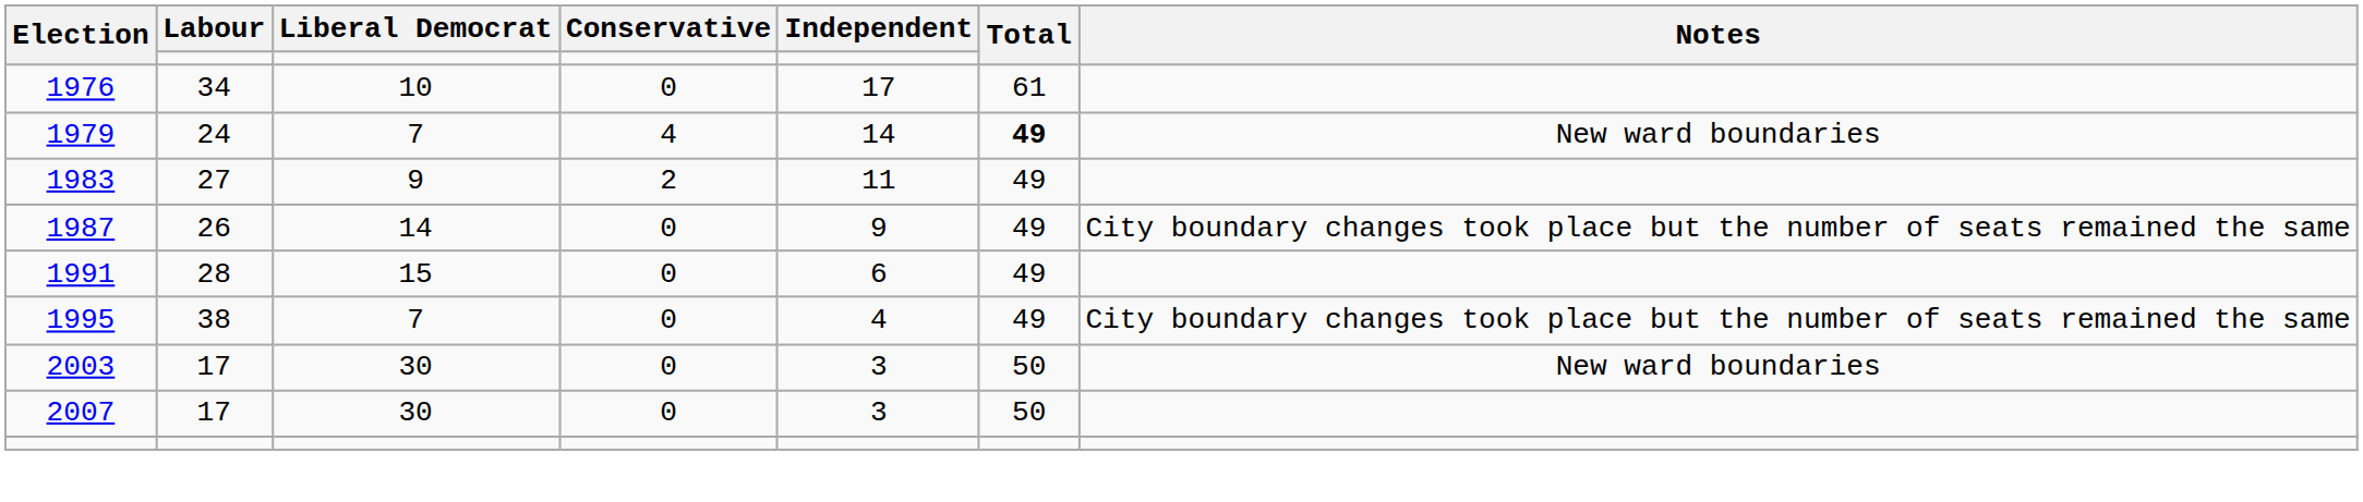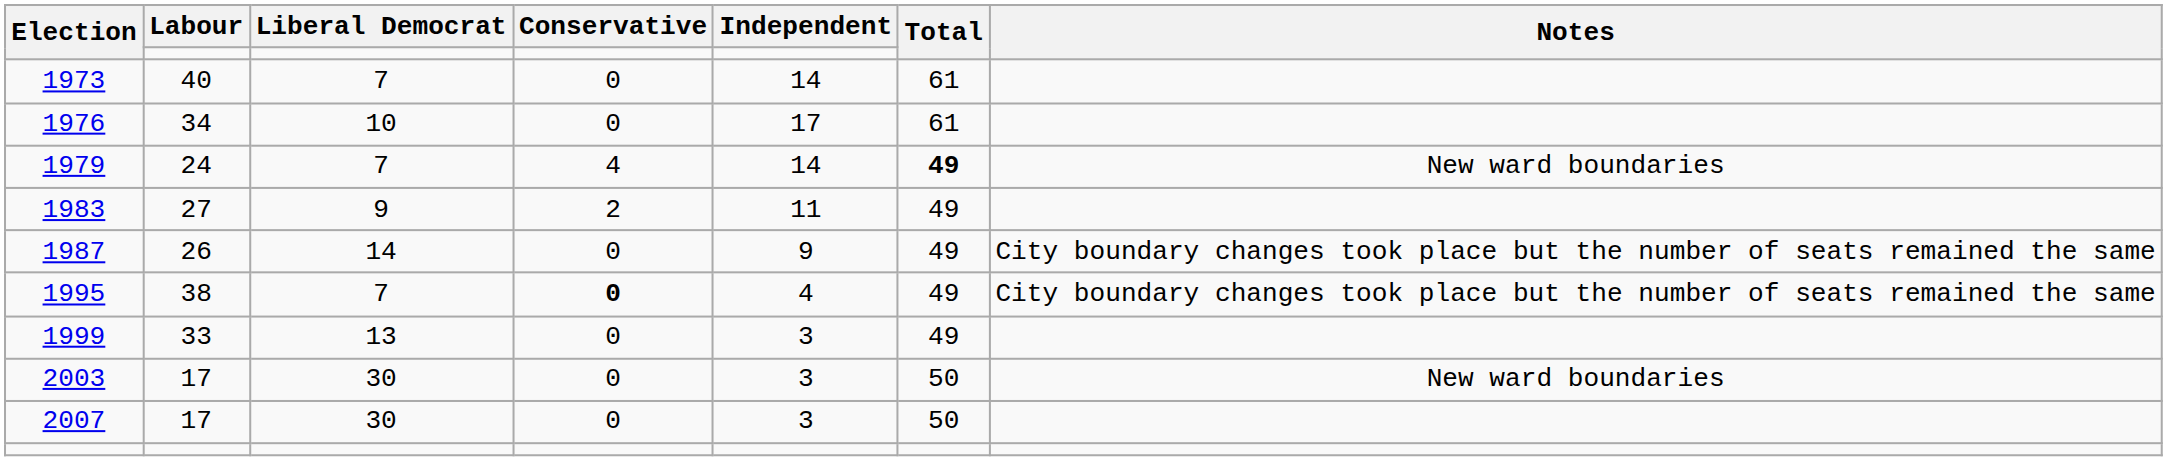 <table class="wikitable" style="text-align: center">
 <tr>
 <th rowspan="2">Election</th>
 <th>Labour</th>
 <th>Liberal Democrat</th>
 <th>Conservative</th>
 <th>Independent</th>
 <th rowspan="2">Total</th>
 <th rowspan="2">Notes</th>
 </tr>
 <tr>
 <td style="background-color: "></td>
 <td style="background-color: "></td>
 <td style="background-color: "></td>
 <td style="background-color: "></td>
+</tr>
+<tr>
+<td><a href='#'>1973</a></td>
+<td>40</td>
+<td>7</td>
+<td>0</td>
+<td>14</td>
+<td>61</td>
+<td></td>
 </tr>
 <tr>
 <td><a href='#'>1976</a></td>
 <td>34</td>
 <td>10</td>
 <td>0</td>
 <td>17</td>
 <td>61</td>
 <td></td>
 </tr>
 <tr>
 <td><a href='#'>1979</a></td>
 <td>24</td>
 <td>7</td>
 <td>4</td>
 <td>14</td>
 <td><strong>49</strong></td>
 <td>New ward boundaries</td>
 </tr>
 <tr>
 <td><a href='#'>1983</a></td>
 <td>27</td>
 <td>9</td>
 <td>2</td>
 <td>11</td>
 <td>49</td>
 <td></td>
 </tr>
 <tr>
 <td><a href='#'>1987</a></td>
 <td>26</td>
 <td>14</td>
 <td>0</td>
 <td>9</td>
 <td>49</td>
 <td>City boundary changes took place but the number of seats remained the same</td>
 </tr>
 <tr>
-<td><a href='#'>1991</a></td>
-<td>28</td>
-<td>15</td>
-<td>0</td>
-<td>6</td>
-<td>49</td>
-<td></td>
-</tr>
-<tr>
 <td><a href='#'>1995</a></td>
 <td>38</td>
 <td>7</td>
-<td>0</td>
+<td><strong>0</strong></td>
 <td>4</td>
 <td>49</td>
 <td>City boundary changes took place but the number of seats remained the same</td>
+</tr>
+<tr>
+<td><a href='#'>1999</a></td>
+<td>33</td>
+<td>13</td>
+<td>0</td>
+<td>3</td>
+<td>49</td>
+<td></td>
 </tr>
 <tr>
 <td><a href='#'>2003</a></td>
 <td>17</td>
 <td>30</td>
 <td>0</td>
 <td>3</td>
 <td>50</td>
 <td>New ward boundaries</td>
 </tr>
 <tr>
 <td><a href='#'>2007</a></td>
 <td>17</td>
 <td>30</td>
 <td>0</td>
 <td>3</td>
 <td>50</td>
 <td></td>
 </tr>
 <tr>
 <td></td>
 <td style="background-color: "></td>
 <td style="background-color: "></td>
 <td style="background-color: "></td>
 <td style="background-color: "></td>
 <td></td>
 <td></td>
 </tr>
 </table>
